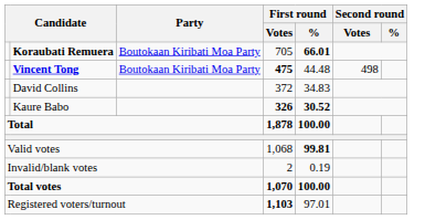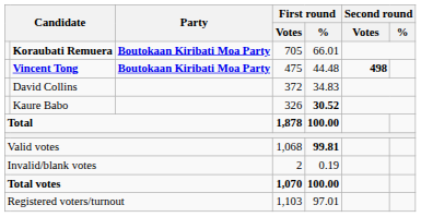 <table class=wikitable style=text-align:right>
 <tr>
 <th colspan=2 rowspan=2>Candidate</th>
 <th rowspan=2>Party</th>
 <th colspan=2>First round</th>
 <th colspan=2>Second round</th>
 </tr>
 <tr>
 <th>Votes</th>
 <th>%</th>
 <th>Votes</th>
 <th>%</th>
 </tr>
 <tr>
 <td bgcolor=></td>
 <td align=left><strong>Koraubati Remuera</strong></td>
-<td align=left><a href='#'>Boutokaan Kiribati Moa Party</a></td>
+<td align=left><strong><a href='#'>Boutokaan Kiribati Moa Party</a></strong></td>
 <td>705</td>
-<td><strong>66.01</strong></td>
+<td>66.01</td>
 <td colspan=2></td>
 </tr>
 <tr>
 <td bgcolor=></td>
 <td align=left><strong><a href='#'>Vincent Tong</a></strong></td>
-<td align=left><a href='#'>Boutokaan Kiribati Moa Party</a></td>
-<td><strong>475</strong></td>
+<td align=left><strong><a href='#'>Boutokaan Kiribati Moa Party</a></strong></td>
+<td>475</td>
 <td>44.48</td>
-<td>498</td>
+<td><strong>498</strong></td>
 <td></td>
 </tr>
 <tr>
 <td></td>
 <td align=left>David Collins</td>
 <td></td>
 <td>372</td>
 <td>34.83</td>
 <td align=center colspan=2></td>
 </tr>
 <tr>
 <td></td>
 <td align=left>Kaure Babo</td>
 <td></td>
-<td><strong>326</strong></td>
+<td>326</td>
 <td><strong>30.52</strong></td>
 <td align=center colspan=2></td>
 </tr>
 <tr style="font-weight:bold">
 <td colspan=3 align=left>Total</td>
 <td>1,878</td>
 <td>100.00</td>
 <td></td>
 <td></td>
 </tr>
 <tr>
 <th colspan=7></th>
 </tr>
 <tr>
 <td colspan=3 align=left>Valid votes</td>
 <td>1,068</td>
 <td><strong>99.81</strong></td>
 <td></td>
 <td></td>
 </tr>
 <tr>
 <td colspan=3 align=left>Invalid/blank votes</td>
 <td>2</td>
 <td>0.19</td>
 <td></td>
 <td></td>
 </tr>
 <tr style="font-weight:bold">
 <td colspan=3 align=left>Total votes</td>
 <td>1,070</td>
 <td>100.00</td>
 <td></td>
 <td></td>
 </tr>
 <tr>
 <td colspan=3 align=left>Registered voters/turnout</td>
-<td><strong>1,103</strong></td>
+<td>1,103</td>
 <td>97.01</td>
 <td></td>
 <td></td>
 </tr>
 </table>
